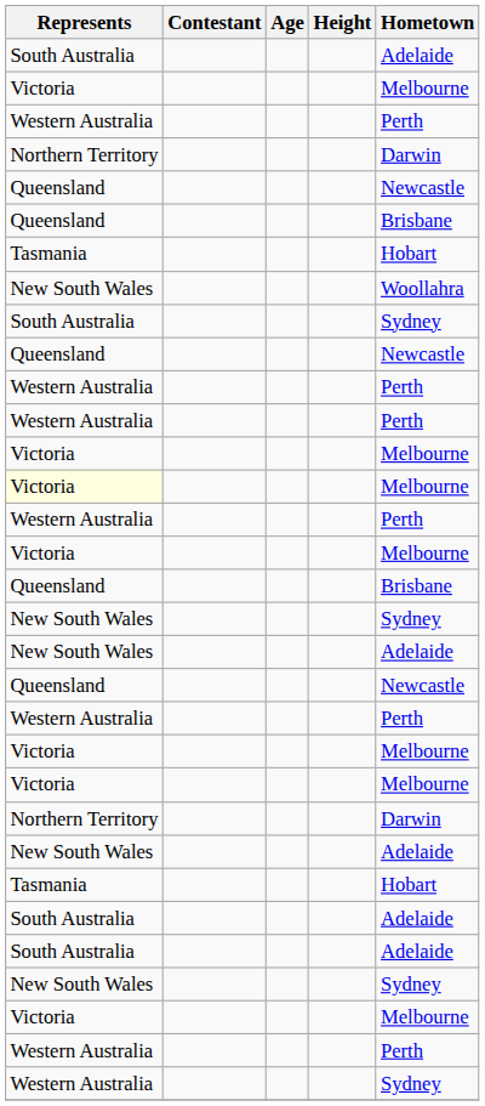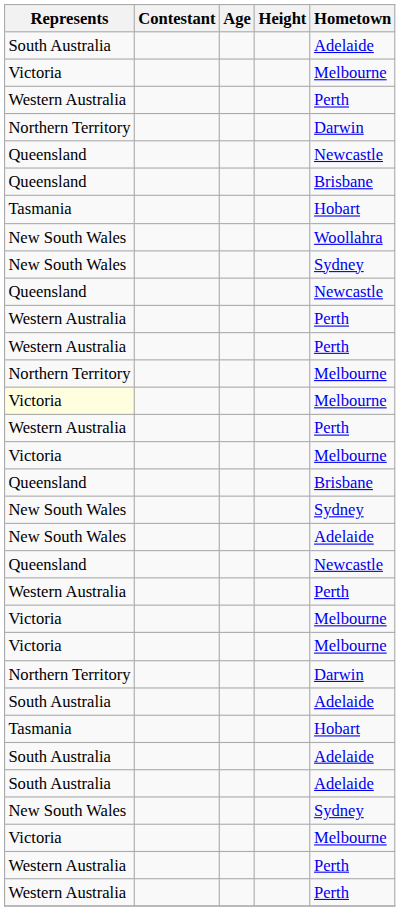 <table class="wikitable sortable" style="font-size: 95%;">
 <tr>
 <th>Represents</th>
 <th>Contestant</th>
 <th>Age</th>
 <th>Height</th>
 <th>Hometown</th>
 </tr>
 <tr>
 <td>South Australia</td>
 <td></td>
 <td></td>
 <td></td>
 <td><a href='#'>Adelaide</a></td>
 </tr>
 <tr>
 <td>Victoria</td>
 <td></td>
 <td></td>
 <td></td>
 <td><a href='#'>Melbourne</a></td>
 </tr>
 <tr>
 <td>Western Australia</td>
 <td></td>
 <td></td>
 <td></td>
 <td><a href='#'>Perth</a></td>
 </tr>
 <tr>
 <td>Northern Territory</td>
 <td></td>
 <td></td>
 <td></td>
 <td><a href='#'>Darwin</a></td>
 </tr>
 <tr>
 <td>Queensland</td>
 <td></td>
 <td></td>
 <td></td>
 <td><a href='#'>Newcastle</a></td>
 </tr>
 <tr>
 <td>Queensland</td>
 <td></td>
 <td></td>
 <td></td>
 <td><a href='#'>Brisbane</a></td>
 </tr>
 <tr>
 <td>Tasmania</td>
 <td></td>
 <td></td>
 <td></td>
 <td><a href='#'>Hobart</a></td>
 </tr>
 <tr>
 <td>New South Wales</td>
 <td></td>
 <td></td>
 <td></td>
 <td><a href='#'>Woollahra</a></td>
 </tr>
 <tr>
-<td>South Australia</td>
+<td>New South Wales</td>
 <td></td>
 <td></td>
 <td></td>
 <td><a href='#'>Sydney</a></td>
 </tr>
 <tr>
 <td>Queensland</td>
 <td></td>
 <td></td>
 <td></td>
 <td><a href='#'>Newcastle</a></td>
 </tr>
 <tr>
 <td>Western Australia</td>
 <td></td>
 <td></td>
 <td></td>
 <td><a href='#'>Perth</a></td>
 </tr>
 <tr>
 <td>Western Australia</td>
 <td></td>
 <td></td>
 <td></td>
 <td><a href='#'>Perth</a></td>
 </tr>
 <tr>
-<td>Victoria</td>
+<td>Northern Territory</td>
 <td></td>
 <td></td>
 <td></td>
 <td><a href='#'>Melbourne</a></td>
 </tr>
 <tr>
 <td style="background: lightyellow;">Victoria</td>
 <td></td>
 <td></td>
 <td></td>
 <td><a href='#'>Melbourne</a></td>
 </tr>
 <tr>
 <td>Western Australia</td>
 <td></td>
 <td></td>
 <td></td>
 <td><a href='#'>Perth</a></td>
 </tr>
 <tr>
 <td>Victoria</td>
 <td></td>
 <td></td>
 <td></td>
 <td><a href='#'>Melbourne</a></td>
 </tr>
 <tr>
 <td>Queensland</td>
 <td></td>
 <td></td>
 <td></td>
 <td><a href='#'>Brisbane</a></td>
 </tr>
 <tr>
 <td>New South Wales</td>
 <td></td>
 <td></td>
 <td></td>
 <td><a href='#'>Sydney</a></td>
 </tr>
 <tr>
 <td>New South Wales</td>
 <td></td>
 <td></td>
 <td></td>
 <td><a href='#'>Adelaide</a></td>
 </tr>
 <tr>
 <td>Queensland</td>
 <td></td>
 <td></td>
 <td></td>
 <td><a href='#'>Newcastle</a></td>
 </tr>
 <tr>
 <td>Western Australia</td>
 <td></td>
 <td></td>
 <td></td>
 <td><a href='#'>Perth</a></td>
 </tr>
 <tr>
 <td>Victoria</td>
 <td></td>
 <td></td>
 <td></td>
 <td><a href='#'>Melbourne</a></td>
 </tr>
 <tr>
 <td>Victoria</td>
 <td></td>
 <td></td>
 <td></td>
 <td><a href='#'>Melbourne</a></td>
 </tr>
 <tr>
 <td>Northern Territory</td>
 <td></td>
 <td></td>
 <td></td>
 <td><a href='#'>Darwin</a></td>
 </tr>
 <tr>
-<td>New South Wales</td>
+<td>South Australia</td>
 <td></td>
 <td></td>
 <td></td>
 <td><a href='#'>Adelaide</a></td>
 </tr>
 <tr>
 <td>Tasmania</td>
 <td></td>
 <td></td>
 <td></td>
 <td><a href='#'>Hobart</a></td>
 </tr>
 <tr>
 <td>South Australia</td>
 <td></td>
 <td></td>
 <td></td>
 <td><a href='#'>Adelaide</a></td>
 </tr>
 <tr>
 <td>South Australia</td>
 <td></td>
 <td></td>
 <td></td>
 <td><a href='#'>Adelaide</a></td>
 </tr>
 <tr>
 <td>New South Wales</td>
 <td></td>
 <td></td>
 <td></td>
 <td><a href='#'>Sydney</a></td>
 </tr>
 <tr>
 <td>Victoria</td>
 <td></td>
 <td></td>
 <td></td>
 <td><a href='#'>Melbourne</a></td>
 </tr>
 <tr>
 <td>Western Australia</td>
 <td></td>
 <td></td>
 <td></td>
 <td><a href='#'>Perth</a></td>
 </tr>
 <tr>
 <td>Western Australia</td>
 <td></td>
 <td></td>
 <td></td>
-<td><a href='#'>Sydney</a></td>
+<td><a href='#'>Perth</a></td>
 </tr>
 <tr>
 </tr>
 </table>
